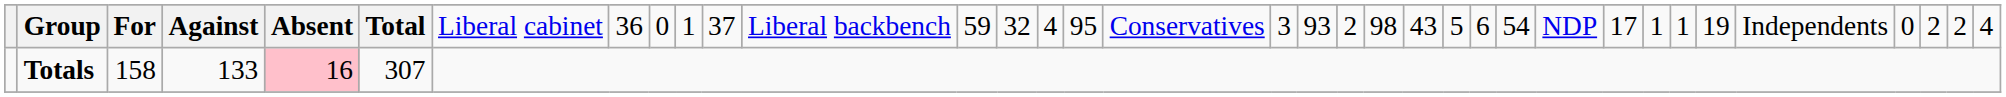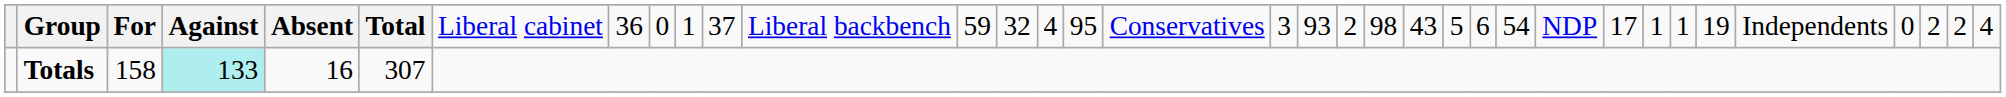 <table class="wikitable">
 <tr>
 <th></th>
 <th>Group</th>
 <th>For</th>
 <th>Against</th>
 <th>Absent</th>
 <th>Total<br></th>
 <td><a href='#'>Liberal</a> <a href='#'>cabinet</a></td>
 <td align="right">36</td>
 <td align="right">0</td>
 <td align="right">1</td>
 <td align="right">37<br></td>
 <td><a href='#'>Liberal</a> <a href='#'>backbench</a></td>
 <td align="right">59</td>
 <td align="right">32</td>
 <td align="right">4</td>
 <td align="right">95<br></td>
 <td><a href='#'>Conservatives</a></td>
 <td align="right">3</td>
 <td align="right">93</td>
 <td align="right">2</td>
 <td align="right">98<br></td>
 <td align="right">43</td>
 <td align="right">5</td>
 <td align="right">6</td>
 <td align="right">54<br></td>
 <td><a href='#'>NDP</a></td>
 <td align="right">17</td>
 <td align="right">1</td>
 <td align="right">1</td>
 <td align="right">19<br></td>
 <td>Independents</td>
 <td align="right">0</td>
 <td align="right">2</td>
 <td align="right">2</td>
 <td align="right"><span>4</span></td>
 </tr>
 <tr>
 <td></td>
 <td><strong>Totals</strong></td>
 <td align="right">158</td>
-<td align="right">133</td>
-<td align="right" style="background: pink;">16</td>
+<td align="right" style="background: paleturquoise;">133</td>
+<td align="right">16</td>
 <td align="right"><span>307</span></td>
 </tr>
 </table>
